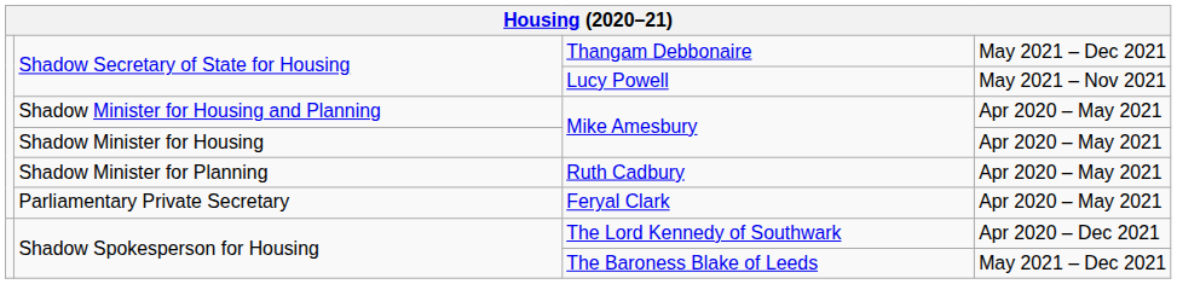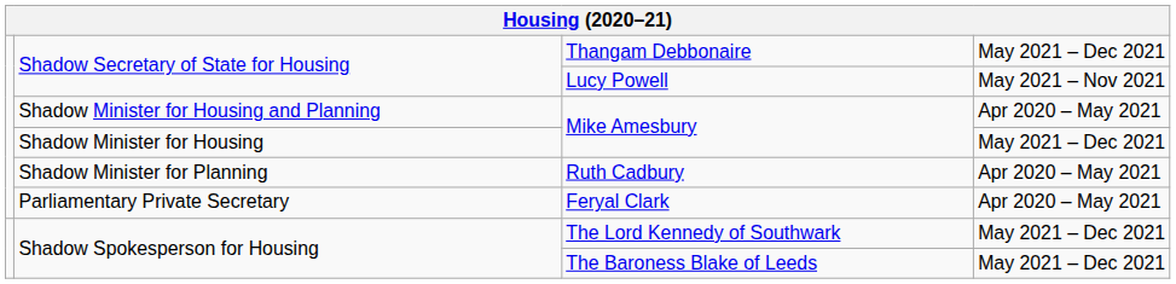 <table class="wikitable">
 <tr>
 <th colspan="4"><a href='#'>Housing</a> (2020–21)</th>
 </tr>
 <tr>
 <td rowspan="6" style="background: "></td>
 <td rowspan="2" style="width: 450px;"><a href='#'>Shadow Secretary of State for Housing</a></td>
 <td style="width: 337px;"><a href='#'>Thangam Debbonaire</a></td>
 <td>May 2021 – Dec 2021</td>
 </tr>
 <tr>
 <td><a href='#'>Lucy Powell</a></td>
 <td>May 2021 – Nov 2021</td>
 </tr>
 <tr>
 <td>Shadow <a href='#'>Minister for Housing and Planning</a></td>
 <td rowspan="2"><a href='#'>Mike Amesbury</a></td>
 <td>Apr 2020 – May 2021</td>
 </tr>
 <tr>
 <td>Shadow Minister for Housing</td>
-<td>Apr 2020 – May 2021</td>
+<td>May 2021 – Dec 2021</td>
 </tr>
 <tr>
 <td>Shadow Minister for Planning</td>
 <td><a href='#'>Ruth Cadbury</a></td>
 <td>Apr 2020 – May 2021</td>
 </tr>
 <tr>
 <td>Parliamentary Private Secretary</td>
 <td><a href='#'>Feryal Clark</a></td>
 <td>Apr 2020 – May 2021</td>
 </tr>
 <tr>
 <td rowspan="2" style="background: "></td>
 <td rowspan="2">Shadow Spokesperson for Housing</td>
 <td><a href='#'>The Lord Kennedy of Southwark</a></td>
-<td>Apr 2020 – Dec 2021</td>
+<td>May 2021 – Dec 2021</td>
 </tr>
 <tr>
 <td><a href='#'>The Baroness Blake of Leeds</a></td>
 <td>May 2021 – Dec 2021</td>
 </tr>
 </table>
